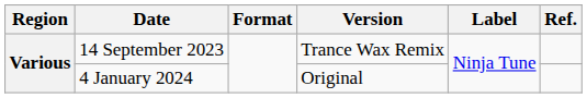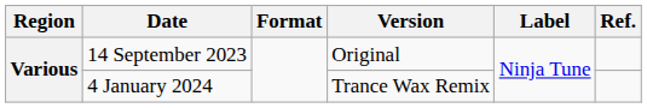 <table class="wikitable plainrowheaders">
 <tr>
 <th scope="col">Region</th>
 <th scope="col">Date</th>
 <th scope="col">Format</th>
 <th scope="col">Version</th>
 <th scope="col">Label</th>
 <th scope="col">Ref.</th>
 </tr>
 <tr>
 <th scope="row" rowspan="2">Various</th>
 <td>14 September 2023</td>
 <td rowspan="2"></td>
-<td>Trance Wax Remix</td>
+<td>Original</td>
 <td rowspan="2"><a href='#'>Ninja Tune</a></td>
 <td></td>
 </tr>
 <tr>
 <td>4 January 2024</td>
-<td>Original</td>
+<td>Trance Wax Remix</td>
 <td></td>
 </tr>
 </table>
